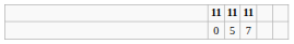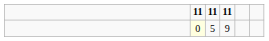 <table class="wikitable">
 <tr>
 <td style="width:18em"><strong></strong></td>
 <td align=center style="width:1em"><strong>11</strong></td>
 <td align=center style="width:1em"><strong>11</strong></td>
 <td align=center style="width:1em"><strong>11</strong></td>
 <td align=center style="width:1em"></td>
 <td align=center style="width:1em"></td>
 </tr>
 <tr>
 <td style="width:18em"></td>
-<td align=center style="width:1em">0</td>
+<td align=center style="background: lightyellow; width:1em">0</td>
 <td align=center style="width:1em">5</td>
-<td align=center style="width:1em">7</td>
+<td align=center style="width:1em">9</td>
 <td align=center style="width:1em"></td>
 <td align=center style="width:1em"></td>
 </tr>
 </table>
